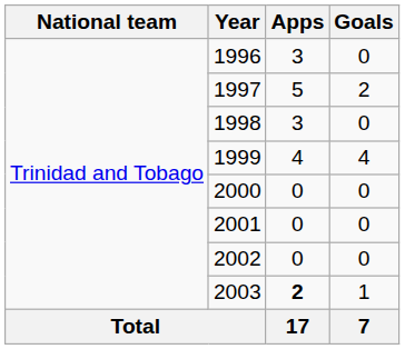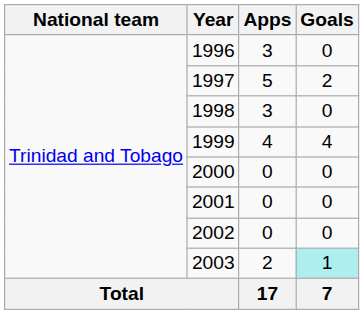 <table class="wikitable" style="text-align:center">
 <tr>
 <th>National team</th>
 <th>Year</th>
 <th>Apps</th>
 <th>Goals</th>
 </tr>
 <tr>
 <td rowspan="8"><a href='#'>Trinidad and Tobago</a></td>
 <td>1996</td>
 <td>3</td>
 <td>0</td>
 </tr>
 <tr>
 <td>1997</td>
 <td>5</td>
 <td>2</td>
 </tr>
 <tr>
 <td>1998</td>
 <td>3</td>
 <td>0</td>
 </tr>
 <tr>
 <td>1999</td>
 <td>4</td>
 <td>4</td>
 </tr>
 <tr>
 <td>2000</td>
 <td>0</td>
 <td>0</td>
 </tr>
 <tr>
 <td>2001</td>
 <td>0</td>
 <td>0</td>
 </tr>
 <tr>
 <td>2002</td>
 <td>0</td>
 <td>0</td>
 </tr>
 <tr>
 <td>2003</td>
-<td><strong>2</strong></td>
-<td>1</td>
+<td>2</td>
+<td style="background: paleturquoise;">1</td>
 </tr>
 <tr>
 <th colspan="2">Total</th>
 <th>17</th>
 <th>7</th>
 </tr>
 </table>
